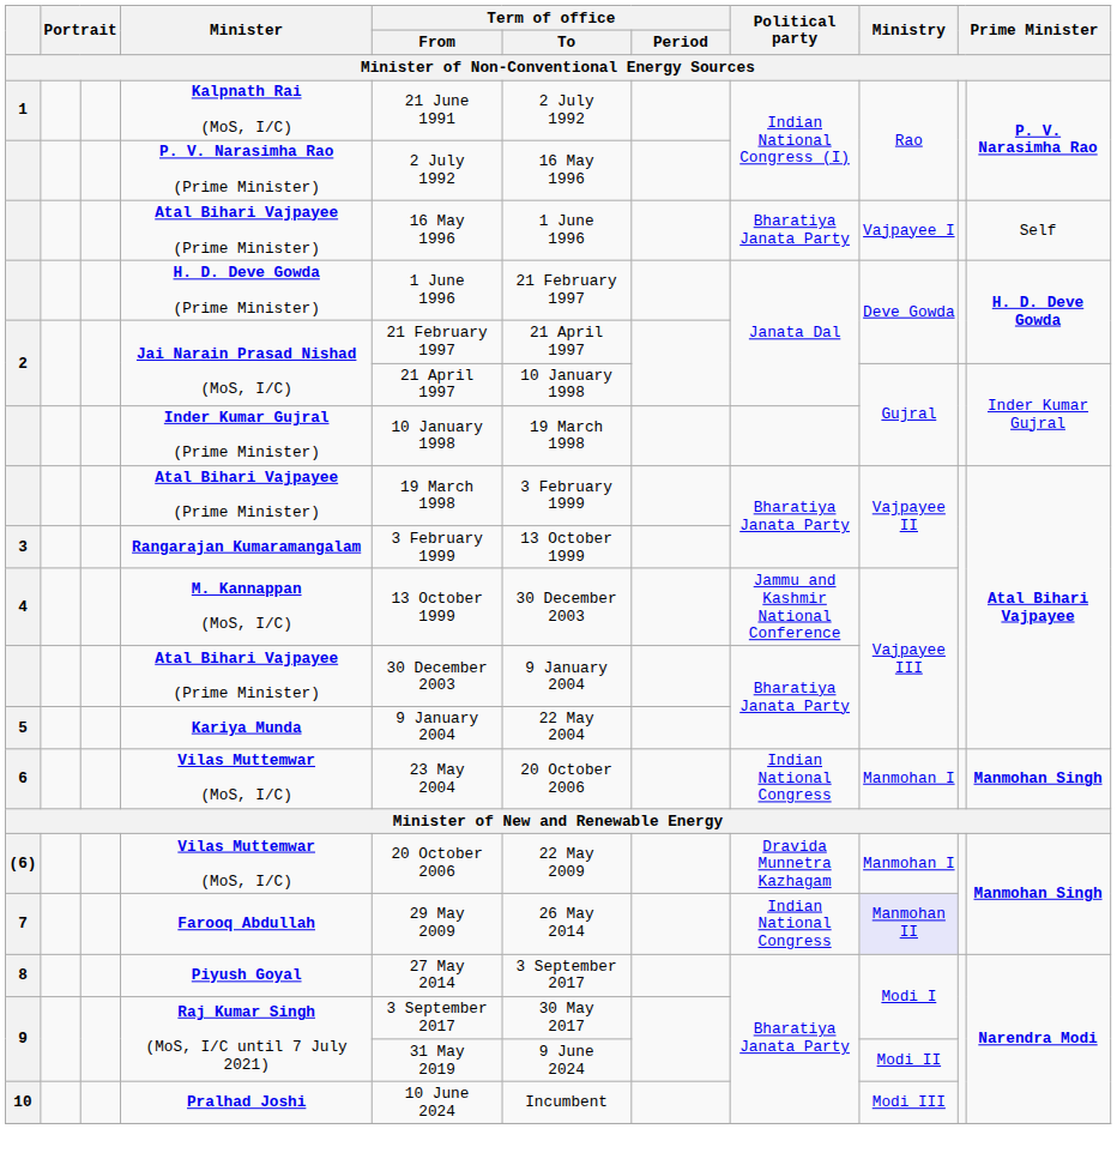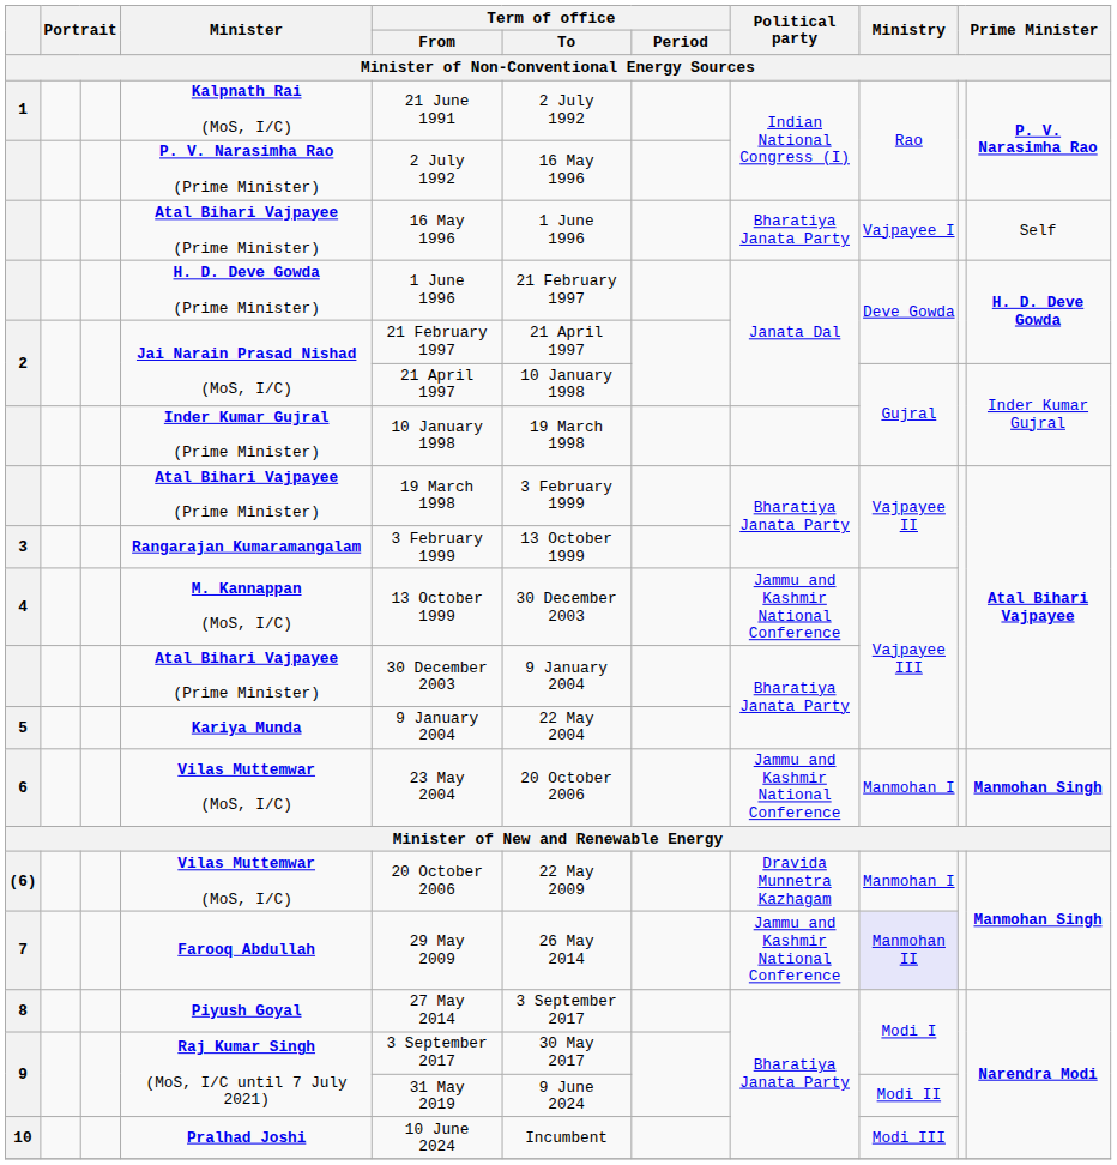 <table class="wikitable" style="text-align:center">
 <tr>
 <th rowspan="2"></th>
 <th rowspan="2" colspan="2">Portrait</th>
 <th rowspan="2" style="width:16em">Minister<br></th>
 <th colspan="3">Term of office</th>
 <th rowspan="2" style="width:8em">Political party</th>
 <th rowspan="2" style="width:6em">Ministry</th>
 <th rowspan="2" colspan="2">Prime Minister</th>
 </tr>
 <tr>
 <th style="width:8em">From</th>
 <th style="width:8em">To</th>
 <th style="width:6em">Period</th>
 </tr>
 <tr>
 <th colspan="11">Minister of Non-Conventional Energy Sources</th>
 </tr>
 <tr>
 <th>1</th>
 <td></td>
 <td></td>
 <td><strong><a href='#'>Kalpnath Rai</a></strong><br><br>(MoS, I/C)</td>
 <td>21 June<br>1991</td>
 <td>2 July<br>1992</td>
 <td><strong></strong></td>
 <td rowspan="2"><a href='#'>Indian National Congress (I)</a></td>
 <td rowspan="2"><a href='#'>Rao</a></td>
 <td rowspan="2"></td>
 <td rowspan="2" style="width:9em"><strong><a href='#'>P. V. Narasimha Rao</a></strong></td>
 </tr>
 <tr>
 <th></th>
 <td></td>
 <td></td>
 <td><strong><a href='#'>P. V. Narasimha Rao</a></strong><br><br>(Prime Minister)</td>
 <td>2 July<br>1992</td>
 <td>16 May<br>1996</td>
 <td><strong></strong></td>
 </tr>
 <tr>
 <th></th>
 <td></td>
 <td></td>
 <td><strong><a href='#'>Atal Bihari Vajpayee</a></strong><br><br>(Prime Minister)</td>
 <td>16 May<br>1996</td>
 <td>1 June<br>1996</td>
 <td><strong></strong></td>
 <td><a href='#'>Bharatiya Janata Party</a></td>
 <td><a href='#'>Vajpayee I</a></td>
 <td></td>
 <td>Self</td>
 </tr>
 <tr>
 <th></th>
 <td></td>
 <td></td>
 <td><strong><a href='#'>H. D. Deve Gowda</a></strong><br><br>(Prime Minister)</td>
 <td>1 June<br>1996</td>
 <td>21 February<br>1997</td>
 <td><strong></strong></td>
 <td rowspan="3"><a href='#'>Janata Dal</a></td>
 <td rowspan="2"><a href='#'>Deve Gowda</a></td>
 <td rowspan="2"></td>
 <td rowspan="2"><strong><a href='#'>H. D. Deve Gowda</a></strong></td>
 </tr>
 <tr>
 <th rowspan="2">2</th>
 <td rowspan="2"></td>
 <td rowspan="2"></td>
 <td rowspan="2"><br><strong><a href='#'>Jai Narain Prasad Nishad</a></strong><br><br>(MoS, I/C)</td>
 <td>21 February<br>1997</td>
 <td>21 April<br>1997</td>
 <td rowspan="2"><strong></strong></td>
 </tr>
 <tr>
 <td>21 April<br>1997</td>
 <td>10 January<br>1998</td>
 <td rowspan="2"><a href='#'>Gujral</a></td>
 <td rowspan="2"></td>
 <td rowspan="2"><a href='#'>Inder Kumar Gujral</a></td>
 </tr>
 <tr>
 <th></th>
 <td></td>
 <td></td>
 <td><strong><a href='#'>Inder Kumar Gujral</a></strong><br><br>(Prime Minister)</td>
 <td>10 January<br>1998</td>
 <td>19 March<br>1998</td>
 <td><strong></strong></td>
 </tr>
 <tr>
 <th></th>
 <td></td>
 <td></td>
 <td><strong><a href='#'>Atal Bihari Vajpayee</a></strong><br><br>(Prime Minister)</td>
 <td>19 March<br>1998</td>
 <td>3 February<br>1999</td>
 <td><strong></strong></td>
 <td rowspan="2"><a href='#'>Bharatiya Janata Party</a></td>
 <td rowspan="2"><a href='#'>Vajpayee II</a></td>
 <td rowspan="5"></td>
 <td rowspan="5"><strong><a href='#'>Atal Bihari Vajpayee</a></strong></td>
 </tr>
 <tr>
 <th>3</th>
 <td></td>
 <td></td>
 <td><strong><a href='#'>Rangarajan Kumaramangalam</a></strong><br></td>
 <td>3 February<br>1999</td>
 <td>13 October<br>1999</td>
 <td><strong></strong></td>
 </tr>
 <tr>
 <th>4</th>
 <td></td>
 <td></td>
 <td><strong><a href='#'>M. Kannappan</a></strong><br><br>(MoS, I/C)</td>
 <td>13 October<br>1999</td>
 <td>30 December<br>2003</td>
 <td><strong></strong></td>
 <td><a href='#'>Jammu and Kashmir National Conference</a></td>
 <td rowspan="3"><a href='#'>Vajpayee III</a></td>
 </tr>
 <tr>
 <th></th>
 <td></td>
 <td></td>
 <td><strong><a href='#'>Atal Bihari Vajpayee</a></strong><br><br>(Prime Minister)</td>
 <td>30 December<br>2003</td>
 <td>9 January<br>2004</td>
 <td><strong></strong></td>
 <td rowspan="2"><a href='#'>Bharatiya Janata Party</a></td>
 </tr>
 <tr>
 <th>5</th>
 <td></td>
 <td></td>
 <td><strong><a href='#'>Kariya Munda</a></strong><br></td>
 <td>9 January<br>2004</td>
 <td>22 May<br>2004</td>
 <td><strong></strong></td>
 </tr>
 <tr>
 <th>6</th>
 <td></td>
 <td></td>
 <td><strong><a href='#'>Vilas Muttemwar</a></strong><br><br>(MoS, I/C)</td>
 <td>23 May<br>2004</td>
 <td>20 October<br>2006</td>
 <td><strong></strong></td>
-<td><a href='#'>Indian National Congress</a></td>
+<td><a href='#'>Jammu and Kashmir National Conference</a></td>
 <td><a href='#'>Manmohan I</a></td>
 <td></td>
 <td><strong><a href='#'>Manmohan Singh</a></strong></td>
 </tr>
 <tr>
 <th colspan="11">Minister of New and Renewable Energy</th>
 </tr>
 <tr>
 <th>(6)</th>
 <td></td>
 <td></td>
 <td><strong><a href='#'>Vilas Muttemwar</a></strong><br><br>(MoS, I/C)</td>
 <td>20 October<br>2006</td>
 <td>22 May<br>2009</td>
 <td><strong></strong></td>
 <td><a href='#'>Dravida Munnetra Kazhagam</a></td>
 <td><a href='#'>Manmohan I</a></td>
 <td rowspan="2"></td>
 <td rowspan="2"><strong><a href='#'>Manmohan Singh</a></strong></td>
 </tr>
 <tr>
 <th>7</th>
 <td></td>
 <td></td>
 <td><strong><a href='#'>Farooq Abdullah</a></strong><br></td>
 <td>29 May<br>2009</td>
 <td>26 May<br>2014</td>
 <td><strong></strong></td>
-<td><a href='#'>Indian National Congress</a></td>
+<td><a href='#'>Jammu and Kashmir National Conference</a></td>
 <td style="background: lavender;"><a href='#'>Manmohan II</a></td>
 </tr>
 <tr>
 <th>8</th>
 <td></td>
 <td></td>
 <td><strong><a href='#'>Piyush Goyal</a></strong><br></td>
 <td>27 May<br>2014</td>
 <td>3 September<br>2017</td>
 <td><strong></strong></td>
 <td rowspan="4"><a href='#'>Bharatiya Janata Party</a></td>
 <td rowspan="2"><a href='#'>Modi I</a></td>
 <td rowspan="4"></td>
 <td rowspan="4"><strong><a href='#'>Narendra Modi</a></strong></td>
 </tr>
 <tr>
 <th rowspan="2">9</th>
 <td rowspan="2"></td>
 <td rowspan="2"></td>
 <td rowspan="2"><strong><a href='#'>Raj Kumar Singh</a></strong><br><br>(MoS, I/C until 7 July 2021)</td>
 <td>3 September<br>2017</td>
 <td>30 May<br>2017</td>
 <td rowspan="2"><strong></strong></td>
 </tr>
 <tr>
 <td>31 May<br>2019</td>
 <td>9 June<br>2024</td>
 <td><a href='#'>Modi II</a></td>
 </tr>
 <tr>
 <th>10</th>
 <td></td>
 <td></td>
 <td><strong><a href='#'>Pralhad Joshi</a></strong><br></td>
 <td>10 June<br>2024</td>
 <td>Incumbent</td>
 <td><strong></strong></td>
 <td><a href='#'>Modi III</a></td>
 </tr>
 <tr>
 </tr>
 </table>
